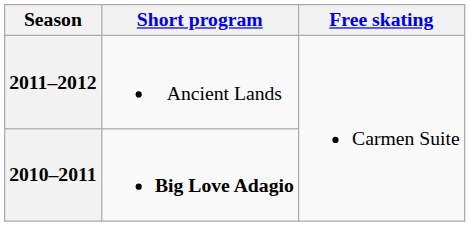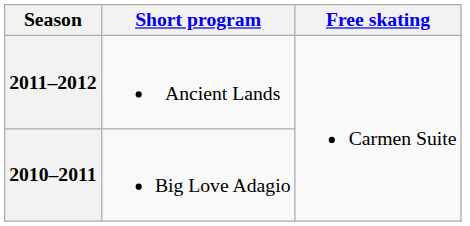 <table class=wikitable style=text-align:center>
 <tr>
 <th>Season</th>
 <th><a href='#'>Short program</a></th>
 <th><a href='#'>Free skating</a></th>
 </tr>
 <tr>
 <th>2011–2012 <br> </th>
 <td><br><ul><li>Ancient Lands <br></li></ul></td>
 <td rowspan=2><br><ul><li>Carmen Suite <br></li></ul></td>
 </tr>
 <tr>
 <th>2010–2011 <br> </th>
-<td><strong><br><ul><li>Big Love Adagio <br></li></ul></strong></td>
+<td><br><ul><li>Big Love Adagio <br></li></ul></td>
 </tr>
 </table>
